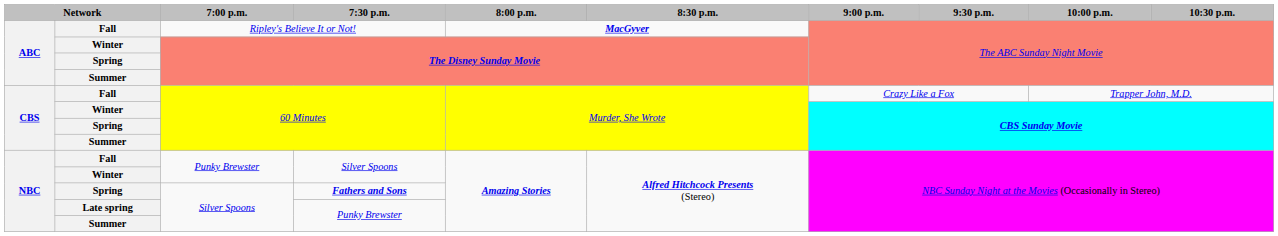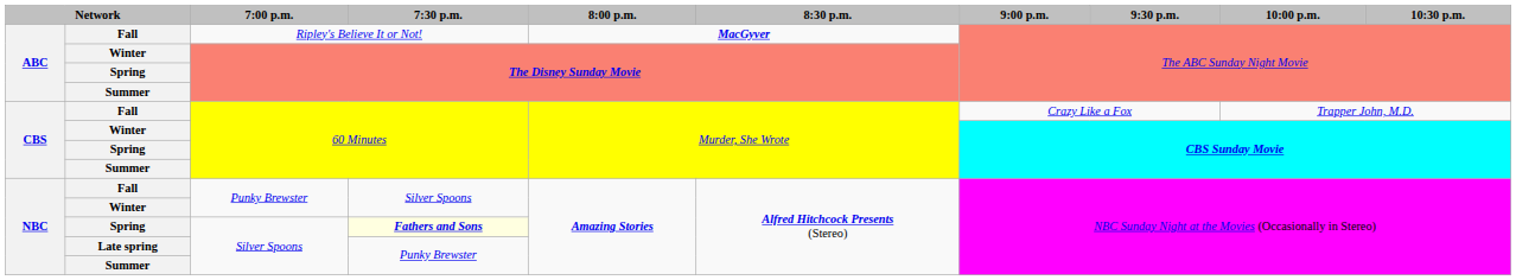 <table class="wikitable" style="width:100%;margin-right:0;text-align:center">
 <tr>
 <th colspan="2" style="background-color:#C0C0C0">Network</th>
 <th style="background-color:#C0C0C0;text-align:center">7:00 p.m.</th>
 <th style="background-color:#C0C0C0;text-align:center">7:30 p.m.</th>
 <th style="background-color:#C0C0C0;text-align:center">8:00 p.m.</th>
 <th style="background-color:#C0C0C0;text-align:center">8:30 p.m.</th>
 <th style="background-color:#C0C0C0;text-align:center">9:00 p.m.</th>
 <th style="background-color:#C0C0C0;text-align:center">9:30 p.m.</th>
 <th style="background-color:#C0C0C0;text-align:center">10:00 p.m.</th>
 <th style="background-color:#C0C0C0;text-align:center">10:30 p.m.</th>
 </tr>
 <tr>
 <th rowspan="4"><a href='#'>ABC</a></th>
 <th>Fall</th>
 <td colspan="2"><em><a href='#'>Ripley's Believe It or Not!</a></em></td>
 <td colspan="2"><strong><em><a href='#'>MacGyver</a></em></strong></td>
 <td rowspan="4" colspan="4" style="background:#FA8072;"><em><a href='#'>The ABC Sunday Night Movie</a></em></td>
 </tr>
 <tr>
 <th>Winter</th>
 <td rowspan="3" colspan="4" style="background:#FA8072;"><strong><em><a href='#'>The Disney Sunday Movie</a></em></strong></td>
 </tr>
 <tr>
 <th>Spring</th>
 </tr>
 <tr>
 <th>Summer</th>
 </tr>
 <tr>
 <th rowspan="4"><a href='#'>CBS</a></th>
 <th>Fall</th>
 <td style="background:#FFFF00;" rowspan="4" colspan="2"><em><a href='#'>60 Minutes</a></em> </td>
 <td style="background:#FFFF00;" rowspan="4" colspan="2"><em><a href='#'>Murder, She Wrote</a></em> </td>
 <td colspan="2"><em><a href='#'>Crazy Like a Fox</a></em></td>
 <td colspan="2"><em><a href='#'>Trapper John, M.D.</a></em></td>
 </tr>
 <tr>
 <th>Winter</th>
 <td style="background:#00FFFF;" rowspan="3" colspan="4"><strong><em><a href='#'>CBS Sunday Movie</a></em></strong> </td>
 </tr>
 <tr>
 <th>Spring</th>
 </tr>
 <tr>
 <th>Summer</th>
 </tr>
 <tr>
 <th rowspan="5"><a href='#'>NBC</a></th>
 <th>Fall</th>
 <td rowspan="2"><em><a href='#'>Punky Brewster</a></em></td>
 <td rowspan="2"><em><a href='#'>Silver Spoons</a></em></td>
 <td rowspan="5"><strong><em><a href='#'>Amazing Stories</a></em></strong></td>
 <td rowspan="5"><strong><em><a href='#'>Alfred Hitchcock Presents</a></em></strong><br>(Stereo)</td>
 <td style="background:#FF00FF;" rowspan="5" colspan="4"><em><a href='#'>NBC Sunday Night at the Movies</a></em> (Occasionally in Stereo)<br></td>
 </tr>
 <tr>
 <th>Winter</th>
 </tr>
 <tr>
 <th>Spring</th>
 <td rowspan="3"><em><a href='#'>Silver Spoons</a></em></td>
-<td><strong><em><a href='#'>Fathers and Sons</a></em></strong></td>
+<td style="background: lightyellow;"><strong><em><a href='#'>Fathers and Sons</a></em></strong></td>
 </tr>
 <tr>
 <th>Late spring</th>
 <td rowspan="2"><em><a href='#'>Punky Brewster</a></em></td>
 </tr>
 <tr>
 <th>Summer</th>
 </tr>
 </table>
